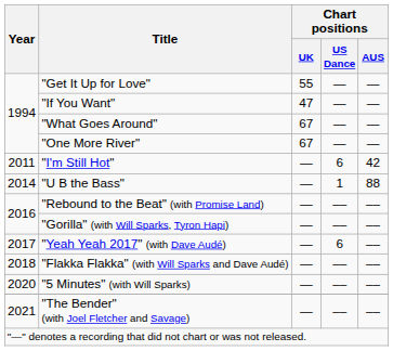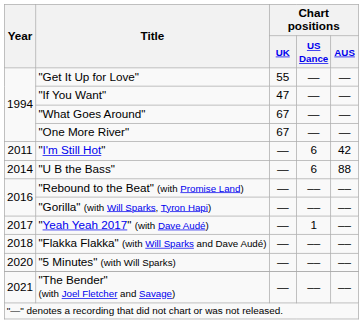 <table class="wikitable plainrowheaders">
 <tr>
 <th rowspan="2">Year</th>
 <th rowspan="2">Title</th>
 <th colspan="3">Chart positions</th>
 </tr>
 <tr>
 <th style="width:30px;"><small><a href='#'>UK</a></small> <br></th>
 <th style="width:30px;"><small><a href='#'>US<br>Dance</a></small></th>
 <th style="width:30px;"><small><a href='#'>AUS</a></small> <br></th>
 </tr>
 <tr>
 <td style="text-align:center;" rowspan="4">1994</td>
 <td>"Get It Up for Love"</td>
 <td style="text-align:center;">55</td>
 <td style="text-align:center;">—</td>
 <td style="text-align:center;">—</td>
 </tr>
 <tr>
 <td>"If You Want"</td>
 <td style="text-align:center;">47</td>
 <td style="text-align:center;">—</td>
 <td style="text-align:center;">—</td>
 </tr>
 <tr>
 <td>"What Goes Around"</td>
 <td style="text-align:center;">67</td>
 <td style="text-align:center;">—</td>
 <td style="text-align:center;">—</td>
 </tr>
 <tr>
 <td>"One More River"</td>
 <td style="text-align:center;">67</td>
 <td style="text-align:center;">—</td>
 <td style="text-align:center;">—</td>
 </tr>
 <tr>
 <td style="text-align:center;">2011</td>
 <td>"<a href='#'>I'm Still Hot</a>"</td>
 <td style="text-align:center;">—</td>
 <td style="text-align:center;">6</td>
 <td style="text-align:center;">42</td>
 </tr>
 <tr>
 <td style="text-align:center;">2014</td>
 <td>"U B the Bass"</td>
 <td style="text-align:center;">—</td>
-<td style="text-align:center;">1</td>
+<td style="text-align:center;">6</td>
 <td style="text-align:center;">88</td>
 </tr>
 <tr>
 <td rowspan="2" style="text-align:center;">2016</td>
 <td>"Rebound to the Beat" <small>(with <a href='#'>Promise Land</a>)</small></td>
 <td style="text-align:center;">—</td>
 <td style="text-align:center;">––</td>
 <td style="text-align:center;">––</td>
 </tr>
 <tr>
 <td>"Gorilla" <small>(with <a href='#'>Will Sparks</a>, <a href='#'>Tyron Hapi</a>)</small></td>
 <td style="text-align:center;">—</td>
 <td style="text-align:center;">––</td>
 <td style="text-align:center;">––</td>
 </tr>
 <tr>
 <td style="text-align:center;">2017</td>
 <td>"<a href='#'>Yeah Yeah 2017</a>" <small>(with <a href='#'>Dave Audé</a>)</small></td>
 <td style="text-align:center;">—</td>
-<td style="text-align:center;">6</td>
+<td style="text-align:center;">1</td>
 <td style="text-align:center;">––</td>
 </tr>
 <tr>
 <td style="text-align:center;">2018</td>
 <td>"Flakka Flakka" <small>(with <a href='#'>Will Sparks</a> and Dave Audé)</small></td>
 <td style="text-align:center;">—</td>
 <td style="text-align:center;">––</td>
 <td style="text-align:center;">––</td>
 </tr>
 <tr>
 <td style="text-align:center;">2020</td>
 <td>"5 Minutes" <small>(with Will Sparks)</small></td>
 <td style="text-align:center;">—</td>
 <td style="text-align:center;">––</td>
 <td style="text-align:center;">––</td>
 </tr>
 <tr>
 </tr>
 <tr>
 <td style="text-align:center;">2021</td>
 <td>"The Bender"<br><small>(with <a href='#'>Joel Fletcher</a> and <a href='#'>Savage</a>)</small></td>
 <td style="text-align:center;">—</td>
 <td style="text-align:center;">––</td>
 <td style="text-align:center;">––</td>
 </tr>
 <tr>
 <td colspan="5" style="font-size:85%">"—" denotes a recording that did not chart or was not released.</td>
 </tr>
 </table>
